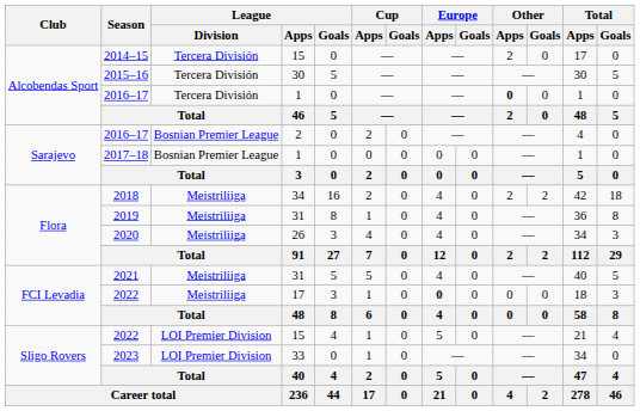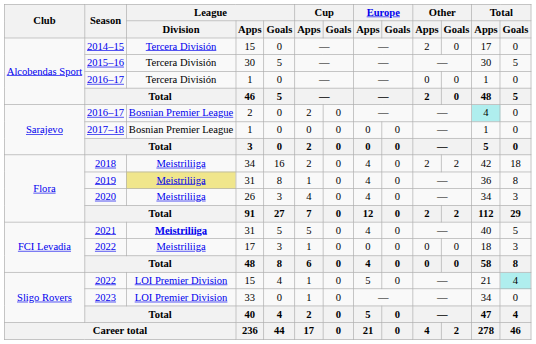 <table class="wikitable" style="text-align:center">
 <tr>
 <th rowspan=2>Club</th>
 <th rowspan=2>Season</th>
 <th colspan=3>League</th>
 <th colspan=2>Cup</th>
 <th colspan=2><a href='#'>Europe</a></th>
 <th colspan=2>Other</th>
 <th colspan=2>Total</th>
 </tr>
 <tr>
 <th>Division</th>
 <th>Apps</th>
 <th>Goals</th>
 <th>Apps</th>
 <th>Goals</th>
 <th>Apps</th>
 <th>Goals</th>
 <th>Apps</th>
 <th>Goals</th>
 <th>Apps</th>
 <th>Goals</th>
 </tr>
 <tr>
 <td rowspan=4><a href='#'>Alcobendas Sport</a></td>
 <td><a href='#'>2014–15</a></td>
 <td><a href='#'>Tercera División</a></td>
 <td>15</td>
 <td>0</td>
 <td colspan=2>—</td>
 <td colspan=2>—</td>
 <td>2</td>
 <td>0</td>
 <td>17</td>
 <td>0</td>
 </tr>
 <tr>
 <td><a href='#'>2015–16</a></td>
 <td>Tercera División</td>
 <td>30</td>
 <td>5</td>
 <td colspan=2>—</td>
 <td colspan=2>—</td>
 <td colspan=2>—</td>
 <td>30</td>
 <td>5</td>
 </tr>
 <tr>
 <td><a href='#'>2016–17</a></td>
 <td>Tercera División</td>
 <td>1</td>
 <td>0</td>
 <td colspan=2>—</td>
 <td colspan=2>—</td>
-<td><strong>0</strong></td>
+<td>0</td>
 <td>0</td>
 <td>1</td>
 <td>0</td>
 </tr>
 <tr>
 <th colspan=2>Total</th>
 <th>46</th>
 <th>5</th>
 <th colspan=2>—</th>
 <th colspan=2>—</th>
 <th>2</th>
 <th>0</th>
 <th>48</th>
 <th>5</th>
 </tr>
 <tr>
 <td rowspan=3><a href='#'>Sarajevo</a></td>
 <td><a href='#'>2016–17</a></td>
 <td><a href='#'>Bosnian Premier League</a></td>
 <td>2</td>
 <td>0</td>
 <td>2</td>
 <td>0</td>
 <td colspan=2>—</td>
 <td colspan=2>—</td>
-<td>4</td>
+<td style="background: paleturquoise;">4</td>
 <td>0</td>
 </tr>
 <tr>
 <td><a href='#'>2017–18</a></td>
 <td>Bosnian Premier League</td>
 <td>1</td>
 <td>0</td>
 <td>0</td>
 <td>0</td>
 <td>0</td>
 <td>0</td>
 <td colspan=2>—</td>
 <td>1</td>
 <td>0</td>
 </tr>
 <tr>
 <th colspan=2>Total</th>
 <th>3</th>
 <th>0</th>
 <th>2</th>
 <th>0</th>
 <th>0</th>
 <th>0</th>
 <th colspan=2>—</th>
 <th>5</th>
 <th>0</th>
 </tr>
 <tr>
 <td rowspan=4><a href='#'>Flora</a></td>
 <td><a href='#'>2018</a></td>
 <td><a href='#'>Meistriliiga</a></td>
 <td>34</td>
 <td>16</td>
 <td>2</td>
 <td>0</td>
 <td>4</td>
 <td>0</td>
 <td>2</td>
 <td>2</td>
 <td>42</td>
 <td>18</td>
 </tr>
 <tr>
 <td><a href='#'>2019</a></td>
-<td><a href='#'>Meistriliiga</a></td>
+<td style="background: khaki;"><a href='#'>Meistriliiga</a></td>
 <td>31</td>
 <td>8</td>
 <td>1</td>
 <td>0</td>
 <td>4</td>
 <td>0</td>
 <td colspan=2>—</td>
 <td>36</td>
 <td>8</td>
 </tr>
 <tr>
 <td><a href='#'>2020</a></td>
 <td><a href='#'>Meistriliiga</a></td>
 <td>26</td>
 <td>3</td>
 <td>4</td>
 <td>0</td>
 <td>4</td>
 <td>0</td>
 <td colspan=2>—</td>
 <td>34</td>
 <td>3</td>
 </tr>
 <tr>
 <th colspan=2>Total</th>
 <th>91</th>
 <th>27</th>
 <th>7</th>
 <th>0</th>
 <th>12</th>
 <th>0</th>
 <th>2</th>
 <th>2</th>
 <th>112</th>
 <th>29</th>
 </tr>
 <tr>
 <td rowspan=3><a href='#'>FCI Levadia</a></td>
 <td><a href='#'>2021</a></td>
-<td><a href='#'>Meistriliiga</a></td>
+<td><strong><a href='#'>Meistriliiga</a></strong></td>
 <td>31</td>
 <td>5</td>
 <td>5</td>
 <td>0</td>
 <td>4</td>
 <td>0</td>
 <td colspan=2>—</td>
 <td>40</td>
 <td>5</td>
 </tr>
 <tr>
 <td><a href='#'>2022</a></td>
 <td><a href='#'>Meistriliiga</a></td>
 <td>17</td>
 <td>3</td>
 <td>1</td>
 <td>0</td>
-<td><strong>0</strong></td>
+<td>0</td>
 <td>0</td>
 <td>0</td>
 <td>0</td>
 <td>18</td>
 <td>3</td>
 </tr>
 <tr>
 <th colspan=2>Total</th>
 <th>48</th>
 <th>8</th>
 <th>6</th>
 <th>0</th>
 <th>4</th>
 <th>0</th>
 <th>0</th>
 <th>0</th>
 <th>58</th>
 <th>8</th>
 </tr>
 <tr>
 <td rowspan=3><a href='#'>Sligo Rovers</a></td>
 <td><a href='#'>2022</a></td>
 <td><a href='#'>LOI Premier Division</a></td>
 <td>15</td>
 <td>4</td>
 <td>1</td>
 <td>0</td>
 <td>5</td>
 <td>0</td>
 <td colspan=2>—</td>
 <td>21</td>
-<td>4</td>
+<td style="background: paleturquoise;">4</td>
 </tr>
 <tr>
 <td><a href='#'>2023</a></td>
 <td><a href='#'>LOI Premier Division</a></td>
 <td>33</td>
 <td>0</td>
 <td>1</td>
 <td>0</td>
 <td colspan=2>—</td>
 <td colspan=2>—</td>
 <td>34</td>
 <td>0</td>
 </tr>
 <tr>
 <th colspan=2>Total</th>
 <th>40</th>
 <th>4</th>
 <th>2</th>
 <th>0</th>
 <th>5</th>
 <th>0</th>
 <th colspan=2>—</th>
 <th>47</th>
 <th>4</th>
 </tr>
 <tr>
 <th colspan=3>Career total</th>
 <th>236</th>
 <th>44</th>
 <th>17</th>
 <th>0</th>
 <th>21</th>
 <th>0</th>
 <th>4</th>
 <th>2</th>
 <th>278</th>
 <th>46</th>
 </tr>
 </table>
